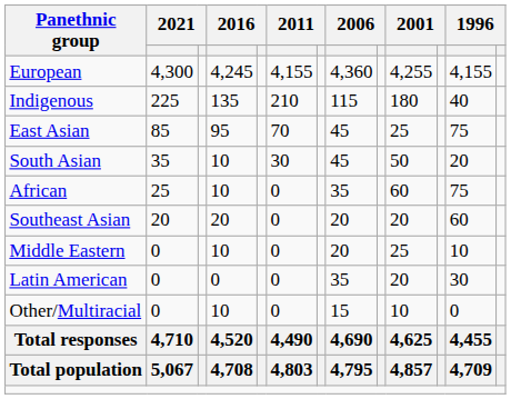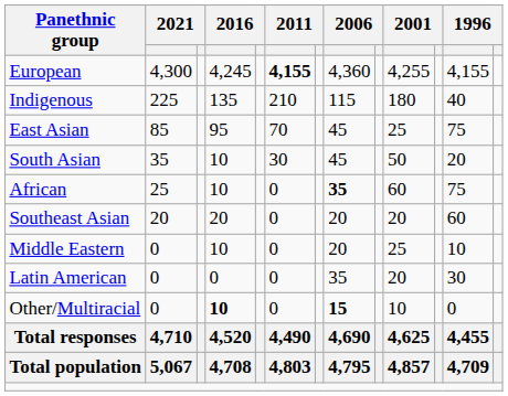 <table class="wikitable collapsible sortable">
 <tr>
 <th rowspan="2"><a href='#'>Panethnic</a><br>group</th>
 <th colspan="2">2021</th>
 <th colspan="2">2016</th>
 <th colspan="2">2011</th>
 <th colspan="2">2006</th>
 <th colspan="2">2001</th>
 <th colspan="2">1996</th>
 </tr>
 <tr>
 <th><a href='#'></a></th>
 <th></th>
 <th></th>
 <th></th>
 <th></th>
 <th></th>
 <th></th>
 <th></th>
 <th></th>
 <th></th>
 <th></th>
 <th></th>
 </tr>
 <tr>
 <td><a href='#'>European</a></td>
 <td>4,300</td>
 <td></td>
 <td>4,245</td>
 <td></td>
-<td>4,155</td>
+<td><strong>4,155</strong></td>
 <td></td>
 <td>4,360</td>
 <td></td>
 <td>4,255</td>
 <td></td>
 <td>4,155</td>
 <td></td>
 </tr>
 <tr>
 <td><a href='#'>Indigenous</a></td>
 <td>225</td>
 <td></td>
 <td>135</td>
 <td></td>
 <td>210</td>
 <td></td>
 <td>115</td>
 <td></td>
 <td>180</td>
 <td></td>
 <td>40</td>
 <td></td>
 </tr>
 <tr>
 <td><a href='#'>East Asian</a></td>
 <td>85</td>
 <td></td>
 <td>95</td>
 <td></td>
 <td>70</td>
 <td></td>
 <td>45</td>
 <td></td>
 <td>25</td>
 <td></td>
 <td>75</td>
 <td></td>
 </tr>
 <tr>
 <td><a href='#'>South Asian</a></td>
 <td>35</td>
 <td></td>
 <td>10</td>
 <td></td>
 <td>30</td>
 <td></td>
 <td>45</td>
 <td></td>
 <td>50</td>
 <td></td>
 <td>20</td>
 <td></td>
 </tr>
 <tr>
 <td><a href='#'>African</a></td>
 <td>25</td>
 <td></td>
 <td>10</td>
 <td></td>
 <td>0</td>
 <td></td>
-<td>35</td>
+<td><strong>35</strong></td>
 <td></td>
 <td>60</td>
 <td></td>
 <td>75</td>
 <td></td>
 </tr>
 <tr>
 <td><a href='#'>Southeast Asian</a></td>
 <td>20</td>
 <td></td>
 <td>20</td>
 <td></td>
 <td>0</td>
 <td></td>
 <td>20</td>
 <td></td>
 <td>20</td>
 <td></td>
 <td>60</td>
 <td></td>
 </tr>
 <tr>
 <td><a href='#'>Middle Eastern</a></td>
 <td>0</td>
 <td></td>
 <td>10</td>
 <td></td>
 <td>0</td>
 <td></td>
 <td>20</td>
 <td></td>
 <td>25</td>
 <td></td>
 <td>10</td>
 <td></td>
 </tr>
 <tr>
 <td><a href='#'>Latin American</a></td>
 <td>0</td>
 <td></td>
 <td>0</td>
 <td></td>
 <td>0</td>
 <td></td>
 <td>35</td>
 <td></td>
 <td>20</td>
 <td></td>
 <td>30</td>
 <td></td>
 </tr>
 <tr>
 <td>Other/<a href='#'>Multiracial</a></td>
 <td>0</td>
 <td></td>
-<td>10</td>
+<td><strong>10</strong></td>
 <td></td>
 <td>0</td>
 <td></td>
-<td>15</td>
+<td><strong>15</strong></td>
 <td></td>
 <td>10</td>
 <td></td>
 <td>0</td>
 <td></td>
 </tr>
 <tr>
 <th>Total responses</th>
 <th>4,710</th>
 <th></th>
 <th>4,520</th>
 <th></th>
 <th>4,490</th>
 <th></th>
 <th>4,690</th>
 <th></th>
 <th>4,625</th>
 <th></th>
 <th>4,455</th>
 <th></th>
 </tr>
 <tr>
 <th>Total population</th>
 <th>5,067</th>
 <th></th>
 <th>4,708</th>
 <th></th>
 <th>4,803</th>
 <th></th>
 <th>4,795</th>
 <th></th>
 <th>4,857</th>
 <th></th>
 <th>4,709</th>
 <th></th>
 </tr>
 <tr class="sortbottom">
 <td colspan="15"></td>
 </tr>
 </table>
